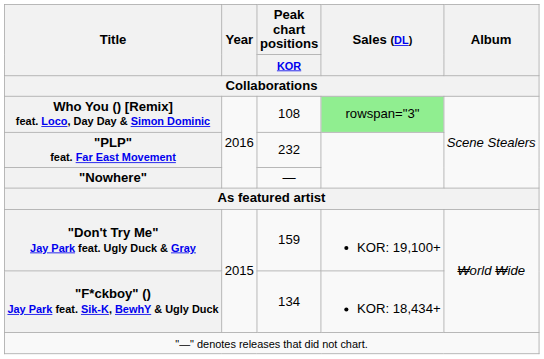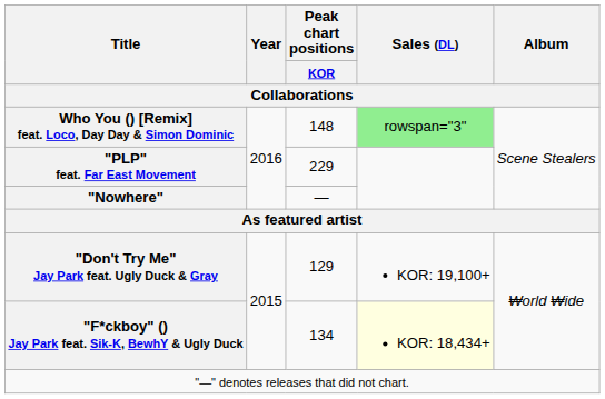 <table class="wikitable plainrowheaders" style="text-align:center;">
 <tr>
 <th scope="col" rowspan="2">Title</th>
 <th scope="col" rowspan="2">Year</th>
 <th scope="col" colspan="1">Peak chart <br> positions</th>
 <th scope="col" rowspan="2">Sales <small>(<a href='#'>DL</a>)</small></th>
 <th scope="col" rowspan="2">Album</th>
 </tr>
 <tr>
 <th scope="col" style="width:2.5em;"><small><a href='#'>KOR</a></small><br></th>
 </tr>
 <tr>
 <th scope="col" colspan="5">Collaborations</th>
 </tr>
 <tr>
 <th scope="row">Who You () [Remix] <br><small>feat. <a href='#'>Loco</a>, Day Day & <a href='#'>Simon Dominic</a></small></th>
 <td rowspan="3">2016</td>
-<td>108</td>
+<td>148</td>
 <td style="background: lightgreen;">rowspan="3" </td>
 <td rowspan="3"><em>Scene Stealers</em></td>
 </tr>
 <tr>
 <th scope="row">"PLP" <br><small>feat. <a href='#'>Far East Movement</a></small></th>
-<td>232</td>
+<td>229</td>
 </tr>
 <tr>
 <th scope="row">"Nowhere"</th>
 <td>—</td>
 </tr>
 <tr>
 <th scope="col" colspan="5">As featured artist</th>
 </tr>
 <tr>
 <th scope="row">"Don't Try Me" <br><small><a href='#'>Jay Park</a> feat. Ugly Duck & <a href='#'>Gray</a></small></th>
 <td rowspan="2">2015</td>
-<td>159</td>
+<td>129</td>
 <td><br><ul><li>KOR: 19,100+</li></ul></td>
 <td rowspan="2"><em>₩orld ₩ide</em></td>
 </tr>
 <tr>
 <th scope="row">"F*ckboy" () <br><small><a href='#'>Jay Park</a> feat. <a href='#'>Sik-K</a>, <a href='#'>BewhY</a> & Ugly Duck</small></th>
 <td>134</td>
-<td><br><ul><li>KOR: 18,434+</li></ul></td>
+<td style="background: lightyellow;"><br><ul><li>KOR: 18,434+</li></ul></td>
 </tr>
 <tr>
 <td colspan="5" align="center"><small>"—" denotes releases that did not chart.</small></td>
 </tr>
 </table>
